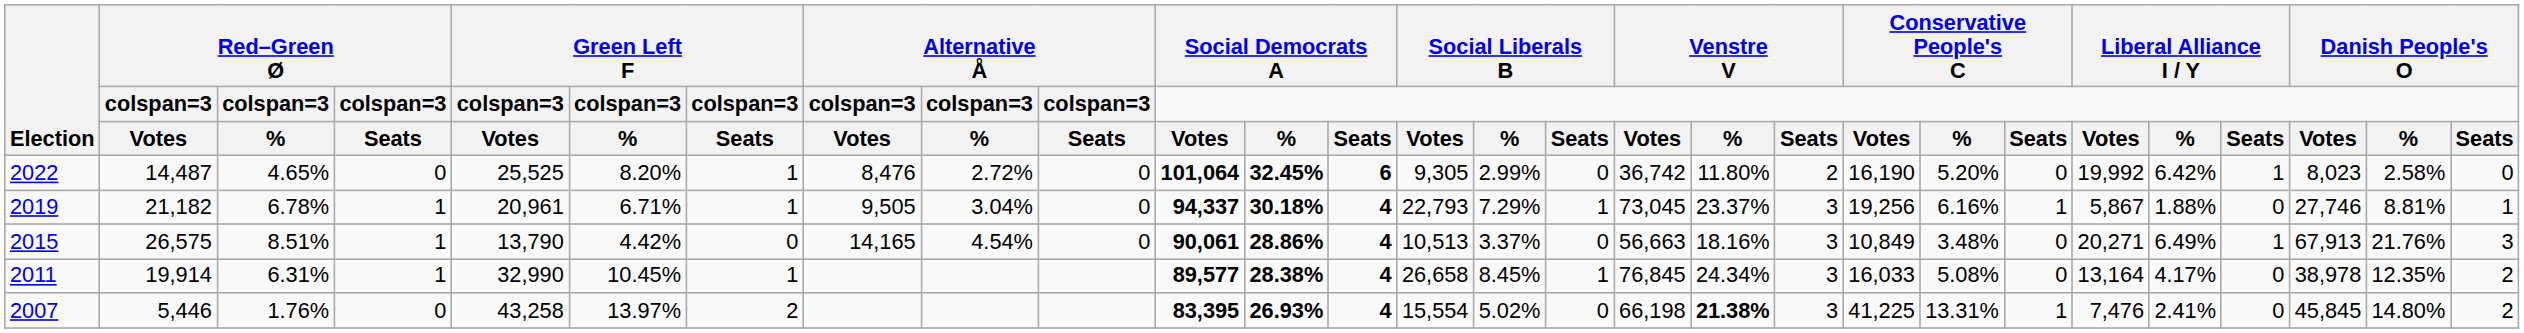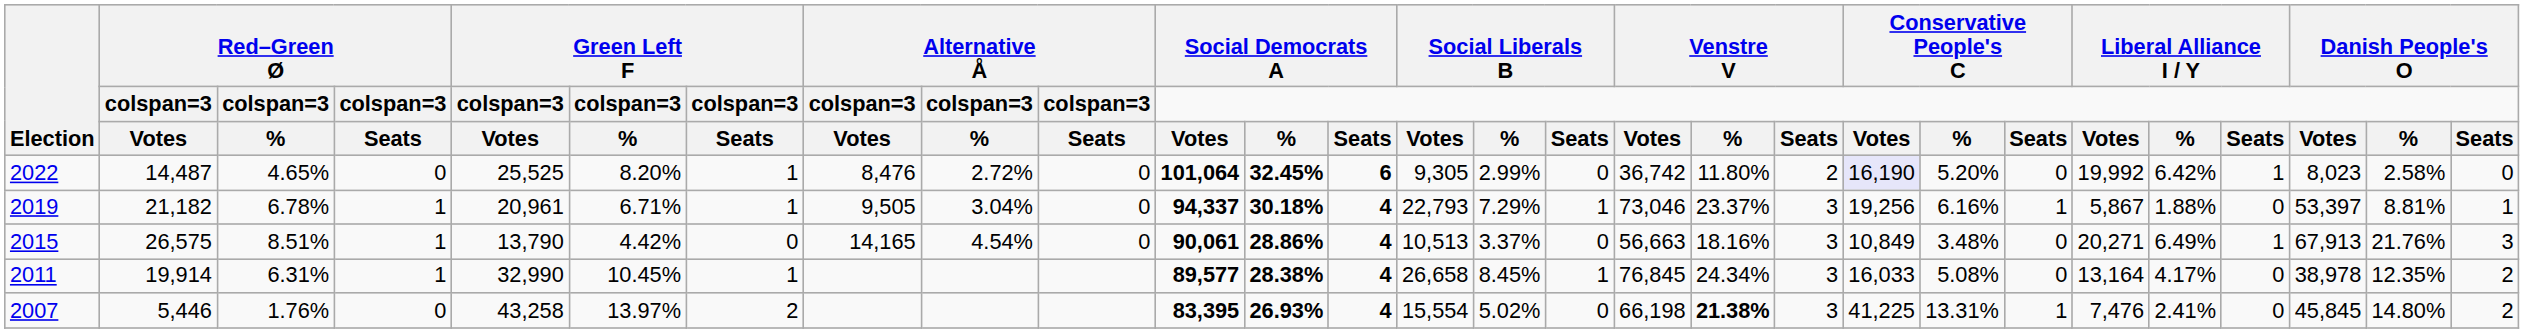 <table class="wikitable" border="1" style="font-size:85%; text-align:right;">
 <tr>
 <th style="text-align:left;" valign=bottom rowspan=3>Election</th>
 <th valign=bottom colspan=3><a href='#'>Red–Green</a><br>Ø</th>
 <th valign=bottom colspan=3><a href='#'>Green Left</a><br>F</th>
 <th valign=bottom colspan=3><a href='#'>Alternative</a><br>Å</th>
 <th valign=bottom colspan=3><a href='#'>Social Democrats</a><br>A</th>
 <th valign=bottom colspan=3><a href='#'>Social Liberals</a><br>B</th>
 <th valign=bottom colspan=3><a href='#'>Venstre</a><br>V</th>
 <th valign=bottom colspan=3><a href='#'>Conservative People's</a><br>C</th>
 <th valign=bottom colspan=3><a href='#'>Liberal Alliance</a><br>I / Y</th>
 <th valign=bottom colspan=3><a href='#'>Danish People's</a><br>O</th>
 </tr>
 <tr>
 <th>colspan=3 </th>
 <th>colspan=3 </th>
 <th>colspan=3 </th>
 <th>colspan=3 </th>
 <th>colspan=3 </th>
 <th>colspan=3 </th>
 <th>colspan=3 </th>
 <th>colspan=3 </th>
 <th>colspan=3 </th>
 </tr>
 <tr>
 <th>Votes</th>
 <th>%</th>
 <th>Seats</th>
 <th>Votes</th>
 <th>%</th>
 <th>Seats</th>
 <th>Votes</th>
 <th>%</th>
 <th>Seats</th>
 <th>Votes</th>
 <th>%</th>
 <th>Seats</th>
 <th>Votes</th>
 <th>%</th>
 <th>Seats</th>
 <th>Votes</th>
 <th>%</th>
 <th>Seats</th>
 <th>Votes</th>
 <th>%</th>
 <th>Seats</th>
 <th>Votes</th>
 <th>%</th>
 <th>Seats</th>
 <th>Votes</th>
 <th>%</th>
 <th>Seats</th>
 </tr>
 <tr>
 <td align=left><a href='#'>2022</a></td>
 <td>14,487</td>
 <td>4.65%</td>
 <td>0</td>
 <td>25,525</td>
 <td>8.20%</td>
 <td>1</td>
 <td>8,476</td>
 <td>2.72%</td>
 <td>0</td>
 <td><strong>101,064</strong></td>
 <td><strong>32.45%</strong></td>
 <td><strong>6</strong></td>
 <td>9,305</td>
 <td>2.99%</td>
 <td>0</td>
 <td>36,742</td>
 <td>11.80%</td>
 <td>2</td>
-<td>16,190</td>
+<td style="background: lavender;">16,190</td>
 <td>5.20%</td>
 <td>0</td>
 <td>19,992</td>
 <td>6.42%</td>
 <td>1</td>
 <td>8,023</td>
 <td>2.58%</td>
 <td>0</td>
 </tr>
 <tr>
 <td align=left><a href='#'>2019</a></td>
 <td>21,182</td>
 <td>6.78%</td>
 <td>1</td>
 <td>20,961</td>
 <td>6.71%</td>
 <td>1</td>
 <td>9,505</td>
 <td>3.04%</td>
 <td>0</td>
 <td><strong>94,337</strong></td>
 <td><strong>30.18%</strong></td>
 <td><strong>4</strong></td>
 <td>22,793</td>
 <td>7.29%</td>
 <td>1</td>
-<td>73,045</td>
+<td>73,046</td>
 <td>23.37%</td>
 <td>3</td>
 <td>19,256</td>
 <td>6.16%</td>
 <td>1</td>
 <td>5,867</td>
 <td>1.88%</td>
 <td>0</td>
-<td>27,746</td>
+<td>53,397</td>
 <td>8.81%</td>
 <td>1</td>
 </tr>
 <tr>
 <td align=left><a href='#'>2015</a></td>
 <td>26,575</td>
 <td>8.51%</td>
 <td>1</td>
 <td>13,790</td>
 <td>4.42%</td>
 <td>0</td>
 <td>14,165</td>
 <td>4.54%</td>
 <td>0</td>
 <td><strong>90,061</strong></td>
 <td><strong>28.86%</strong></td>
 <td><strong>4</strong></td>
 <td>10,513</td>
 <td>3.37%</td>
 <td>0</td>
 <td>56,663</td>
 <td>18.16%</td>
 <td>3</td>
 <td>10,849</td>
 <td>3.48%</td>
 <td>0</td>
 <td>20,271</td>
 <td>6.49%</td>
 <td>1</td>
 <td>67,913</td>
 <td>21.76%</td>
 <td>3</td>
 </tr>
 <tr>
 <td align=left><a href='#'>2011</a></td>
 <td>19,914</td>
 <td>6.31%</td>
 <td>1</td>
 <td>32,990</td>
 <td>10.45%</td>
 <td>1</td>
 <td></td>
 <td></td>
 <td></td>
 <td><strong>89,577</strong></td>
 <td><strong>28.38%</strong></td>
 <td><strong>4</strong></td>
 <td>26,658</td>
 <td>8.45%</td>
 <td>1</td>
 <td>76,845</td>
 <td>24.34%</td>
 <td>3</td>
 <td>16,033</td>
 <td>5.08%</td>
 <td>0</td>
 <td>13,164</td>
 <td>4.17%</td>
 <td>0</td>
 <td>38,978</td>
 <td>12.35%</td>
 <td>2</td>
 </tr>
 <tr>
 <td align=left><a href='#'>2007</a></td>
 <td>5,446</td>
 <td>1.76%</td>
 <td>0</td>
 <td>43,258</td>
 <td>13.97%</td>
 <td>2</td>
 <td></td>
 <td></td>
 <td></td>
 <td><strong>83,395</strong></td>
 <td><strong>26.93%</strong></td>
 <td><strong>4</strong></td>
 <td>15,554</td>
 <td>5.02%</td>
 <td>0</td>
 <td>66,198</td>
 <td><strong>21.38%</strong></td>
 <td>3</td>
 <td>41,225</td>
 <td>13.31%</td>
 <td>1</td>
 <td>7,476</td>
 <td>2.41%</td>
 <td>0</td>
 <td>45,845</td>
 <td>14.80%</td>
 <td>2</td>
 </tr>
 </table>
